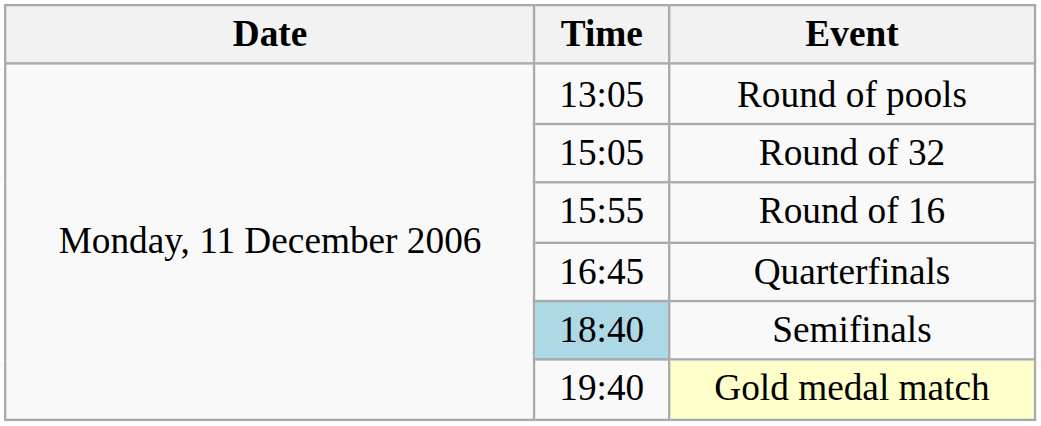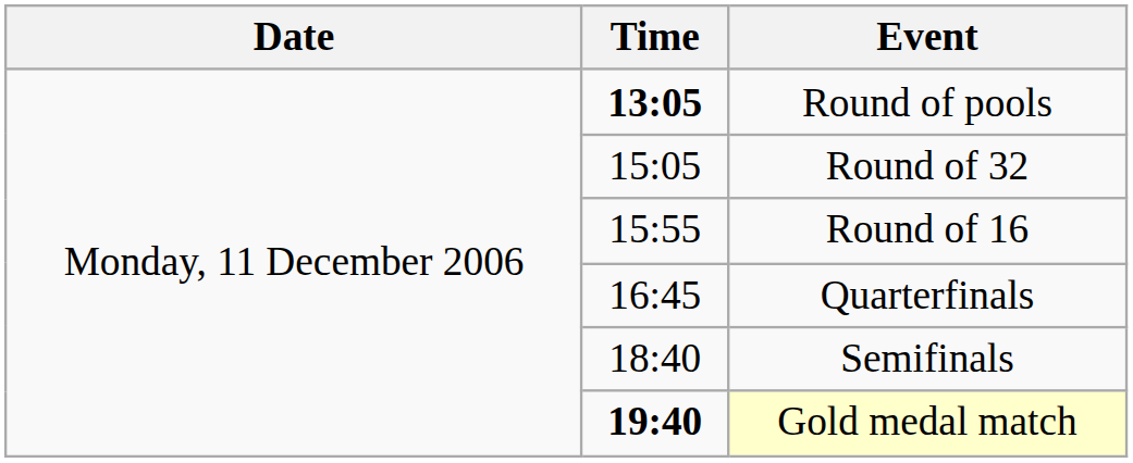 <table class = "wikitable" style="text-align:center;">
 <tr>
 <th width=220>Date</th>
 <th width=50>Time</th>
 <th width=150>Event</th>
 </tr>
 <tr>
 <td rowspan=6>Monday, 11 December 2006</td>
-<td>13:05</td>
+<td><strong>13:05</strong></td>
 <td>Round of pools</td>
 </tr>
 <tr>
 <td>15:05</td>
 <td>Round of 32</td>
 </tr>
 <tr>
 <td>15:55</td>
 <td>Round of 16</td>
 </tr>
 <tr>
 <td>16:45</td>
 <td>Quarterfinals</td>
 </tr>
 <tr>
-<td style="background: lightblue;">18:40</td>
+<td>18:40</td>
 <td>Semifinals</td>
 </tr>
 <tr>
-<td>19:40</td>
+<td><strong>19:40</strong></td>
 <td bgcolor=ffffcc>Gold medal match</td>
 </tr>
 </table>
